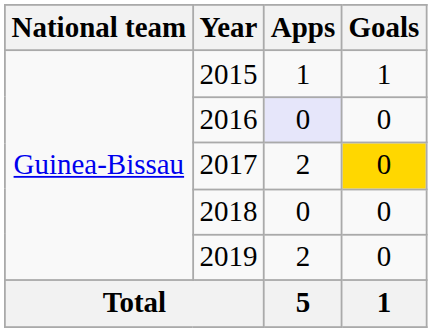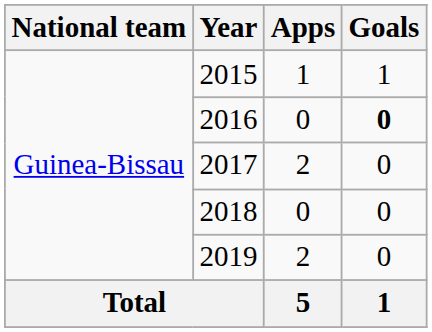 <table class="wikitable" style="text-align:center">
 <tr>
 <th>National team</th>
 <th>Year</th>
 <th>Apps</th>
 <th>Goals</th>
 </tr>
 <tr>
 <td rowspan="5"><a href='#'>Guinea-Bissau</a></td>
 <td>2015</td>
 <td>1</td>
 <td>1</td>
 </tr>
 <tr>
 <td>2016</td>
-<td style="background: lavender;">0</td>
 <td>0</td>
+<td><strong>0</strong></td>
 </tr>
 <tr>
 <td>2017</td>
 <td>2</td>
-<td style="background: gold;">0</td>
+<td>0</td>
 </tr>
 <tr>
 <td>2018</td>
 <td>0</td>
 <td>0</td>
 </tr>
 <tr>
 <td>2019</td>
 <td>2</td>
 <td>0</td>
 </tr>
 <tr>
 <th colspan=2>Total</th>
 <th>5</th>
 <th>1</th>
 </tr>
 </table>
